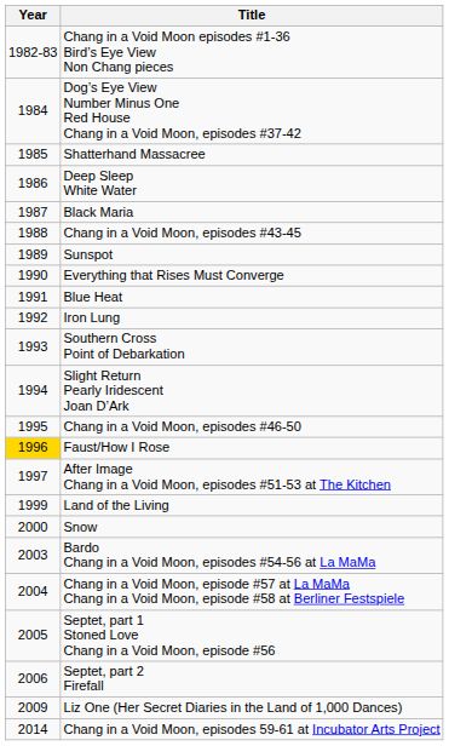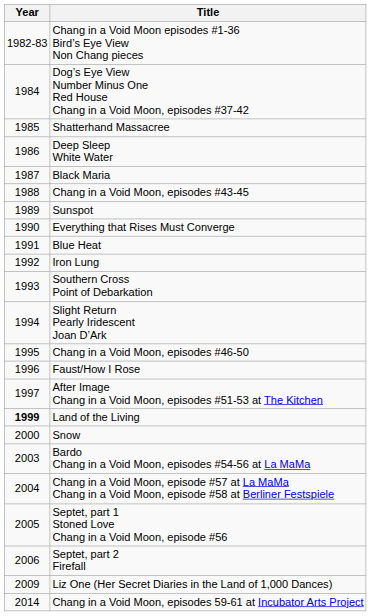 <table class="wikitable" style="text-align:center;">
 <tr>
 <th>Year</th>
 <th>Title</th>
 </tr>
 <tr>
 <td>1982-83</td>
 <td align="left">Chang in a Void Moon episodes #1-36<br>Bird’s Eye View<br>Non Chang pieces</td>
 </tr>
 <tr>
 <td>1984</td>
 <td align="left">Dog’s Eye View<br>Number Minus One<br>Red House<br>Chang in a Void Moon, episodes #37-42</td>
 </tr>
 <tr>
 <td>1985</td>
 <td align="left">Shatterhand Massacree</td>
 </tr>
 <tr>
 <td>1986</td>
 <td align="left">Deep Sleep<br>White Water</td>
 </tr>
 <tr>
 <td>1987</td>
 <td align="left">Black Maria</td>
 </tr>
 <tr>
 <td>1988</td>
 <td align="left">Chang in a Void Moon, episodes #43-45</td>
 </tr>
 <tr>
 <td>1989</td>
 <td align="left">Sunspot</td>
 </tr>
 <tr>
 <td>1990</td>
 <td align="left">Everything that Rises Must Converge</td>
 </tr>
 <tr>
 <td>1991</td>
 <td align="left">Blue Heat</td>
 </tr>
 <tr>
 <td>1992</td>
 <td align="left">Iron Lung</td>
 </tr>
 <tr>
 <td>1993</td>
 <td align="left">Southern Cross<br>Point of Debarkation</td>
 </tr>
 <tr>
 <td>1994</td>
 <td align="left">Slight Return<br>Pearly Iridescent<br>Joan D’Ark</td>
 </tr>
 <tr>
 <td>1995</td>
 <td align="left">Chang in a Void Moon, episodes #46-50</td>
 </tr>
 <tr>
-<td style="background: gold;">1996</td>
+<td>1996</td>
 <td align="left">Faust/How I Rose</td>
 </tr>
 <tr>
 <td>1997</td>
 <td align="left">After Image<br>Chang in a Void Moon, episodes #51-53 at <a href='#'>The Kitchen</a></td>
 </tr>
 <tr>
-<td>1999</td>
+<td><strong>1999</strong></td>
 <td align="left">Land of the Living</td>
 </tr>
 <tr>
 <td>2000</td>
 <td align="left">Snow</td>
 </tr>
 <tr>
 <td>2003</td>
 <td align="left">Bardo<br>Chang in a Void Moon, episodes #54-56 at <a href='#'>La MaMa</a></td>
 </tr>
 <tr>
 <td>2004</td>
 <td align="left">Chang in a Void Moon, episode #57 at <a href='#'>La MaMa</a> <br>Chang in a Void Moon, episode #58 at <a href='#'>Berliner Festspiele</a></td>
 </tr>
 <tr>
 <td>2005</td>
 <td align="left">Septet, part 1<br>Stoned Love<br>Chang in a Void Moon, episode #56</td>
 </tr>
 <tr>
 <td>2006</td>
 <td align="left">Septet, part 2<br>Firefall</td>
 </tr>
 <tr>
 <td>2009</td>
 <td align="left">Liz One (Her Secret Diaries in the Land of 1,000 Dances)</td>
 </tr>
 <tr>
 <td>2014</td>
 <td align="left">Chang in a Void Moon, episodes 59-61 at <a href='#'>Incubator Arts Project</a></td>
 </tr>
 </table>
